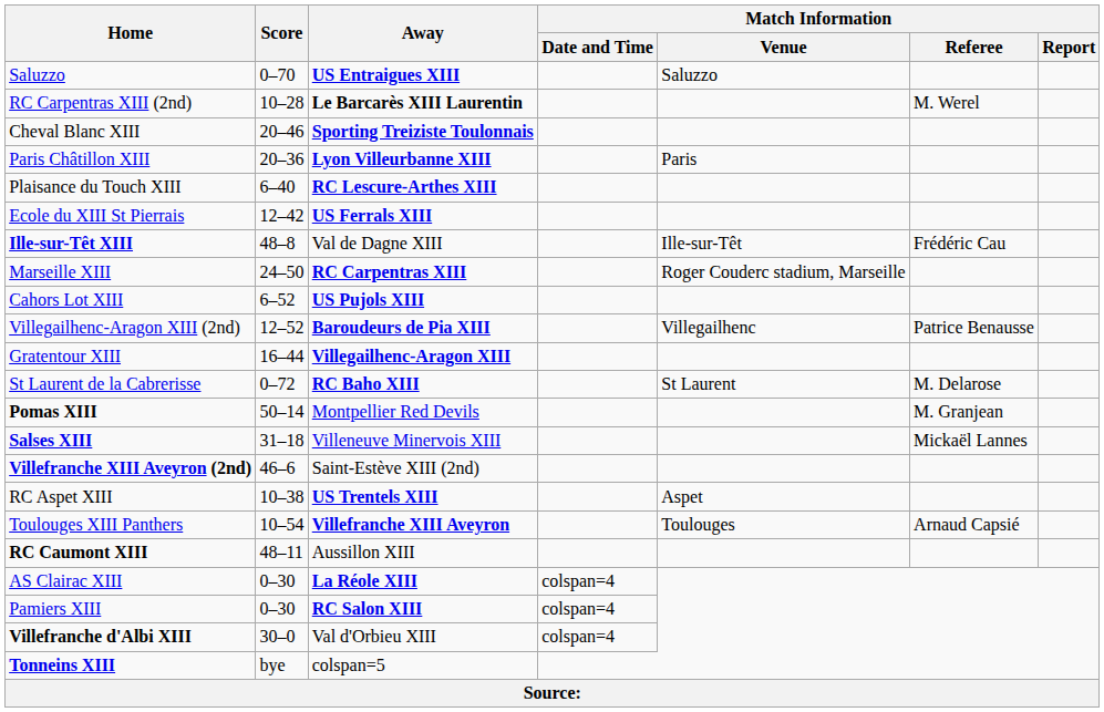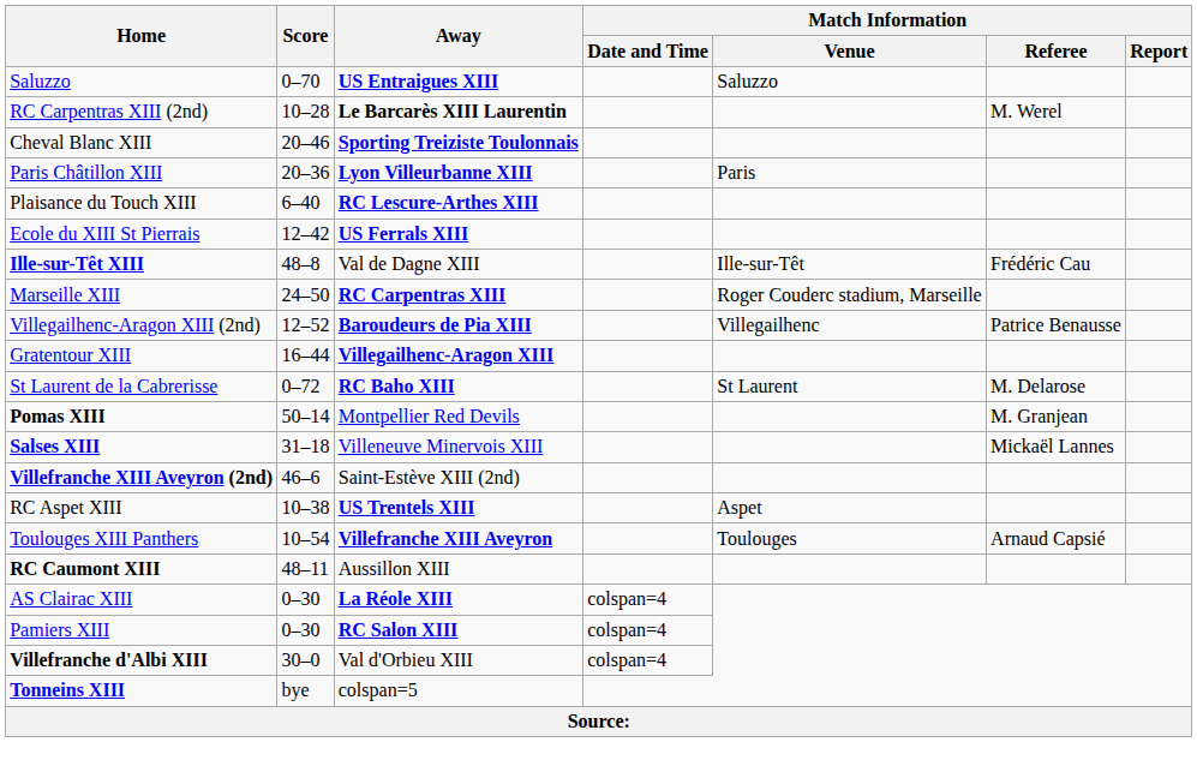 <table class="wikitable defaultcenter col1left col3left">
 <tr>
 <th scope="col" rowspan=2>Home</th>
 <th scope="col" rowspan=2>Score</th>
 <th scope="col" rowspan=2>Away</th>
 <th scope="col" colspan=4>Match Information</th>
 </tr>
 <tr>
 <th scope="col">Date and Time</th>
 <th scope="col">Venue</th>
 <th scope="col">Referee</th>
 <th scope="col">Report</th>
 </tr>
 <tr>
 <td><a href='#'>Saluzzo</a></td>
 <td>0–70</td>
 <td> <strong><a href='#'>US Entraigues XIII</a></strong></td>
 <td></td>
 <td>Saluzzo</td>
 <td></td>
 <td></td>
 </tr>
 <tr>
 <td><a href='#'>RC Carpentras XIII</a> (2nd)</td>
 <td>10–28</td>
 <td><strong>Le Barcarès XIII Laurentin</strong></td>
 <td></td>
 <td></td>
 <td>M. Werel</td>
 <td></td>
 </tr>
 <tr>
 <td>Cheval Blanc XIII</td>
 <td>20–46</td>
 <td><strong><a href='#'>Sporting Treiziste Toulonnais</a></strong></td>
 <td></td>
 <td></td>
 <td></td>
 <td></td>
 </tr>
 <tr>
 <td><a href='#'>Paris Châtillon XIII</a></td>
 <td>20–36</td>
 <td> <strong><a href='#'>Lyon Villeurbanne XIII</a></strong></td>
 <td></td>
 <td>Paris</td>
 <td></td>
 <td></td>
 </tr>
 <tr>
 <td>Plaisance du Touch XIII</td>
 <td>6–40</td>
 <td> <strong><a href='#'>RC Lescure-Arthes XIII</a></strong></td>
 <td></td>
 <td></td>
 <td></td>
 <td></td>
 </tr>
 <tr>
 <td><a href='#'>Ecole du XIII St Pierrais</a></td>
 <td>12–42</td>
 <td> <strong><a href='#'>US Ferrals XIII</a></strong></td>
 <td></td>
 <td></td>
 <td></td>
 <td></td>
 </tr>
 <tr>
 <td><strong><a href='#'>Ille-sur-Têt XIII</a></strong></td>
 <td>48–8</td>
 <td>Val de Dagne XIII</td>
 <td></td>
 <td>Ille-sur-Têt</td>
 <td>Frédéric Cau</td>
 <td></td>
 </tr>
 <tr>
 <td><a href='#'>Marseille XIII</a></td>
 <td>24–50</td>
 <td> <strong><a href='#'>RC Carpentras XIII</a></strong></td>
 <td></td>
 <td>Roger Couderc stadium, Marseille</td>
-<td></td>
-<td></td>
-</tr>
-<tr>
-<td><a href='#'>Cahors Lot XIII</a></td>
-<td>6–52</td>
-<td><strong><a href='#'>US Pujols XIII</a></strong></td>
-<td></td>
-<td></td>
 <td></td>
 <td></td>
 </tr>
 <tr>
 <td><a href='#'>Villegailhenc-Aragon XIII</a> (2nd)</td>
 <td>12–52</td>
 <td><strong><a href='#'>Baroudeurs de Pia XIII</a></strong></td>
 <td></td>
 <td>Villegailhenc</td>
 <td>Patrice Benausse</td>
 <td></td>
 </tr>
 <tr>
 <td><a href='#'>Gratentour XIII</a></td>
 <td>16–44</td>
 <td> <strong><a href='#'>Villegailhenc-Aragon XIII</a></strong></td>
 <td></td>
 <td></td>
 <td></td>
 <td></td>
 </tr>
 <tr>
 <td><a href='#'>St Laurent de la Cabrerisse</a></td>
 <td>0–72</td>
 <td> <strong><a href='#'>RC Baho XIII</a></strong></td>
 <td></td>
 <td>St Laurent</td>
 <td>M. Delarose</td>
 <td></td>
 </tr>
 <tr>
 <td><strong>Pomas XIII</strong></td>
 <td>50–14</td>
 <td><a href='#'>Montpellier Red Devils</a></td>
 <td></td>
 <td></td>
 <td>M. Granjean</td>
 <td></td>
 </tr>
 <tr>
 <td><strong><a href='#'>Salses XIII</a></strong></td>
 <td>31–18</td>
 <td> <a href='#'>Villeneuve Minervois XIII</a></td>
 <td></td>
 <td></td>
 <td>Mickaël Lannes</td>
 <td></td>
 </tr>
 <tr>
 <td><strong><a href='#'>Villefranche XIII Aveyron</a> (2nd)</strong></td>
 <td>46–6</td>
 <td>Saint-Estève XIII (2nd)</td>
 <td></td>
 <td></td>
 <td></td>
 <td></td>
 </tr>
 <tr>
 <td>RC Aspet XIII</td>
 <td>10–38</td>
 <td><strong><a href='#'>US Trentels XIII</a></strong></td>
 <td></td>
 <td>Aspet</td>
 <td></td>
 <td></td>
 </tr>
 <tr>
 <td><a href='#'>Toulouges XIII Panthers</a></td>
 <td>10–54</td>
 <td> <strong><a href='#'>Villefranche XIII Aveyron</a></strong></td>
 <td></td>
 <td>Toulouges</td>
 <td>Arnaud Capsié</td>
 <td></td>
 </tr>
 <tr>
 <td><strong>RC Caumont XIII</strong></td>
 <td>48–11</td>
 <td>Aussillon XIII</td>
 <td></td>
 <td></td>
 <td></td>
 <td></td>
 </tr>
 <tr>
 <td><a href='#'>AS Clairac XIII</a></td>
 <td>0–30</td>
 <td><strong><a href='#'>La Réole XIII</a></strong></td>
 <td>colspan=4 </td>
 </tr>
 <tr>
 <td><a href='#'>Pamiers XIII</a></td>
 <td>0–30</td>
 <td> <strong><a href='#'>RC Salon XIII</a></strong></td>
 <td>colspan=4 </td>
 </tr>
 <tr>
 <td><strong>Villefranche d'Albi XIII</strong></td>
 <td>30–0</td>
 <td>Val d'Orbieu XIII</td>
 <td>colspan=4 </td>
 </tr>
 <tr>
 <td><strong><a href='#'>Tonneins XIII</a></strong></td>
 <td>bye</td>
 <td>colspan=5 </td>
 </tr>
 <tr>
 <th colspan=7>Source:</th>
 </tr>
 </table>
